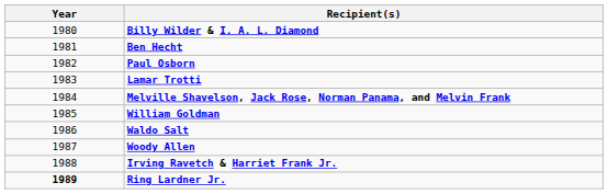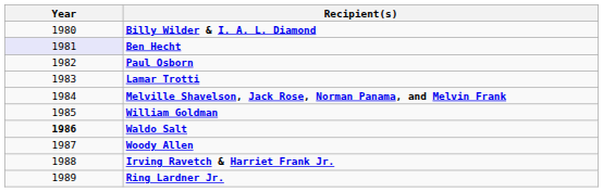 <table class="wikitable" style="width: 60%;">
 <tr>
 <th width="20%">Year</th>
 <th width="80%">Recipient(s)</th>
 </tr>
 <tr>
 <td style="text-align:center;">1980</td>
 <td><strong><a href='#'>Billy Wilder</a> & <a href='#'>I. A. L. Diamond</a></strong></td>
 </tr>
 <tr>
-<td style="text-align:center;">1981</td>
+<td style="background: lavender; text-align:center;">1981</td>
 <td><strong><a href='#'>Ben Hecht</a></strong></td>
 </tr>
 <tr>
 <td style="text-align:center;">1982</td>
 <td><strong><a href='#'>Paul Osborn</a></strong></td>
 </tr>
 <tr>
 <td style="text-align:center;">1983</td>
 <td><strong><a href='#'>Lamar Trotti</a></strong></td>
 </tr>
 <tr>
 <td style="text-align:center;">1984</td>
 <td><strong><a href='#'>Melville Shavelson</a>, <a href='#'>Jack Rose</a>, <a href='#'>Norman Panama</a>, and <a href='#'>Melvin Frank</a></strong></td>
 </tr>
 <tr>
 <td style="text-align:center;">1985</td>
 <td><strong><a href='#'>William Goldman</a></strong></td>
 </tr>
 <tr>
-<td style="text-align:center;">1986</td>
+<td style="text-align:center;"><strong>1986</strong></td>
 <td><strong><a href='#'>Waldo Salt</a></strong></td>
 </tr>
 <tr>
 <td style="text-align:center;">1987</td>
 <td><strong><a href='#'>Woody Allen</a></strong></td>
 </tr>
 <tr>
 <td style="text-align:center;">1988</td>
 <td><strong><a href='#'>Irving Ravetch</a> & <a href='#'>Harriet Frank Jr.</a></strong></td>
 </tr>
 <tr>
-<td style="text-align:center;"><strong>1989</strong></td>
+<td style="text-align:center;">1989</td>
 <td><strong><a href='#'>Ring Lardner Jr.</a></strong></td>
 </tr>
 </table>
